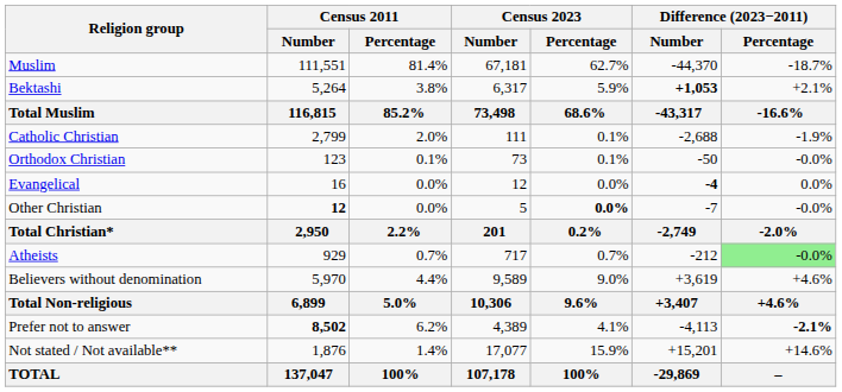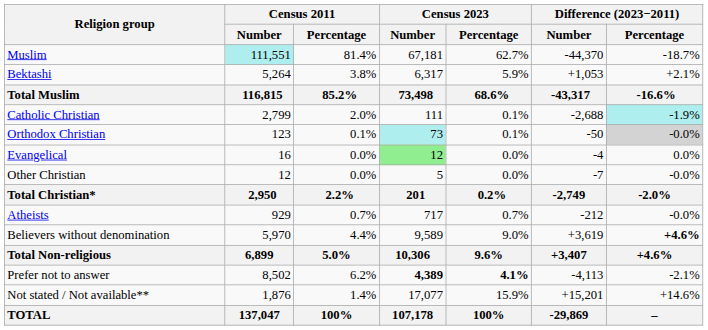 <table class="wikitable" style="text-align:right;width: 70%">
 <tr style="background:#e0e0e0;">
 <th rowspan="2">Religion group</th>
 <th colspan="2">Census 2011</th>
 <th colspan="2">Census 2023</th>
 <th colspan="2">Difference (2023−2011)</th>
 </tr>
 <tr style="background:#e0e0e0;">
 <th>Number</th>
 <th>Percentage</th>
 <th>Number</th>
 <th>Percentage</th>
 <th>Number</th>
 <th>Percentage</th>
 </tr>
 <tr>
 <td style="text-align:left;"><a href='#'>Muslim</a></td>
-<td>111,551</td>
+<td style="background: paleturquoise;">111,551</td>
 <td>81.4%</td>
 <td>67,181</td>
 <td>62.7%</td>
 <td>-44,370</td>
 <td>-18.7%</td>
 </tr>
 <tr>
 <td style="text-align:left;"><a href='#'>Bektashi</a></td>
 <td>5,264</td>
 <td>3.8%</td>
 <td>6,317</td>
 <td>5.9%</td>
-<td><strong>+1,053</strong></td>
+<td>+1,053</td>
 <td>+2.1%</td>
 </tr>
 <tr>
 <th style="text-align:left;">Total Muslim</th>
 <th>  116,815</th>
 <th>  85.2%</th>
 <th>  73,498</th>
 <th>  68.6%</th>
 <th> -43,317</th>
 <th> -16.6%</th>
 </tr>
 <tr>
 <td style="text-align:left;"><a href='#'>Catholic Christian</a></td>
 <td>2,799</td>
 <td>2.0%</td>
 <td>111</td>
 <td>0.1%</td>
 <td>-2,688</td>
-<td>-1.9%</td>
+<td style="background: paleturquoise;">-1.9%</td>
 </tr>
 <tr>
 <td style="text-align:left;"><a href='#'>Orthodox Christian</a></td>
 <td>123</td>
 <td>0.1%</td>
-<td>73</td>
+<td style="background: paleturquoise;">73</td>
 <td>0.1%</td>
 <td>-50</td>
-<td>-0.0%</td>
+<td style="background: lightgrey;">-0.0%</td>
 </tr>
 <tr>
 <td style="text-align:left;"><a href='#'>Evangelical</a></td>
 <td>16</td>
 <td>0.0%</td>
-<td>12</td>
+<td style="background: lightgreen;">12</td>
 <td>0.0%</td>
-<td><strong>-4</strong></td>
+<td>-4</td>
 <td>0.0%</td>
 </tr>
 <tr>
 <td style="text-align:left;">Other Christian</td>
-<td><strong>12</strong></td>
+<td>12</td>
 <td>0.0%</td>
 <td>5</td>
-<td><strong>0.0%</strong></td>
+<td>0.0%</td>
 <td>-7</td>
 <td>-0.0%</td>
 </tr>
 <tr>
 <th style="text-align:left;">Total Christian*</th>
 <th>  2,950</th>
 <th>  2.2%</th>
 <th>  201</th>
 <th>  0.2%</th>
 <th>-2,749</th>
 <th>-2.0%</th>
 </tr>
 <tr>
 <td style="text-align:left;"><a href='#'>Atheists</a></td>
 <td>929</td>
 <td>0.7%</td>
 <td>717</td>
 <td>0.7%</td>
 <td>-212</td>
-<td style="background: lightgreen;">-0.0%</td>
+<td>-0.0%</td>
 </tr>
 <tr>
 <td style="text-align:left;">Believers without denomination</td>
 <td>5,970</td>
 <td>4.4%</td>
 <td>9,589</td>
 <td>9.0%</td>
 <td>+3,619</td>
-<td>+4.6%</td>
+<td><strong>+4.6%</strong></td>
 </tr>
 <tr>
 <th style="text-align:left;">Total Non-religious</th>
 <th>6,899</th>
 <th>5.0%</th>
 <th>10,306</th>
 <th>9.6%</th>
 <th>+3,407</th>
 <th>+4.6%</th>
 </tr>
 <tr>
 <td style="text-align:left;">Prefer not to answer</td>
-<td><strong>8,502</strong></td>
+<td>8,502</td>
 <td>6.2%</td>
-<td>4,389</td>
-<td>4.1%</td>
+<td><strong>4,389</strong></td>
+<td><strong>4.1%</strong></td>
 <td>-4,113</td>
-<td><strong>-2.1%</strong></td>
+<td>-2.1%</td>
 </tr>
 <tr>
 <td style="text-align:left;">Not stated / Not available**</td>
 <td>1,876</td>
 <td>1.4%</td>
 <td>17,077</td>
 <td>15.9%</td>
 <td>+15,201</td>
 <td>+14.6%</td>
 </tr>
 <tr style="background:#e0e0e0;">
 <th style="text-align:left;"><strong>TOTAL</strong></th>
 <th><strong>137,047</strong></th>
 <th><strong>100%</strong></th>
 <th><strong>107,178</strong></th>
 <th><strong>100%</strong></th>
 <th><strong>-29,869</strong></th>
 <th><strong>–</strong></th>
 </tr>
 </table>
